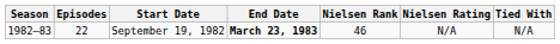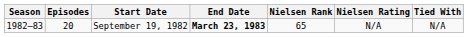 <table class="wikitable" style="text-align: center">
 <tr>
 <th>Season</th>
 <th>Episodes</th>
 <th>Start Date</th>
 <th>End Date</th>
 <th>Nielsen Rank</th>
 <th>Nielsen Rating</th>
 <th>Tied With</th>
 </tr>
 <tr>
 <td style="text-align:center">1982–83</td>
-<td style="text-align:center">22</td>
+<td style="text-align:center">20</td>
 <td style="text-align:center">September 19, 1982</td>
 <td style="text-align:center"><strong>March 23, 1983</strong></td>
-<td style="text-align:center:">46</td>
+<td style="text-align:center:">65</td>
 <td style="text-align:center">N/A</td>
 <td style="text-align:center">N/A</td>
 </tr>
 </table>
